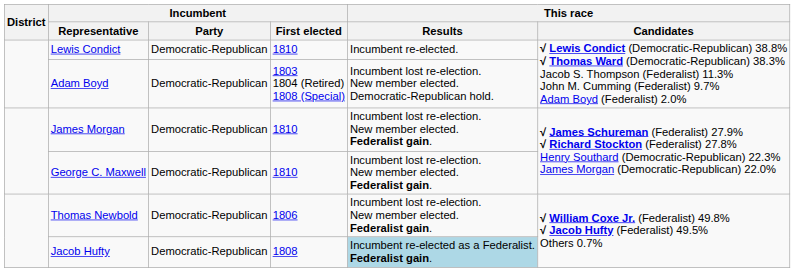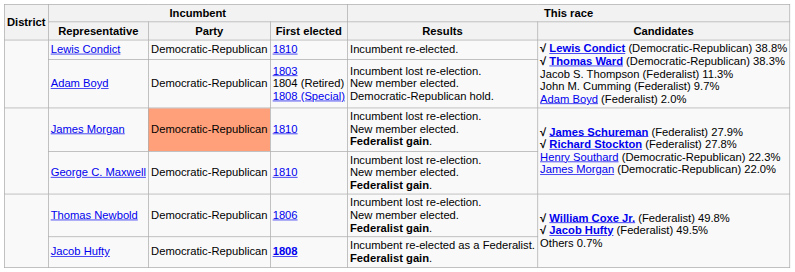 <table class=wikitable>
 <tr>
 <th rowspan=2>District</th>
 <th colspan=3>Incumbent</th>
 <th colspan=2>This race</th>
 </tr>
 <tr>
 <th>Representative</th>
 <th>Party</th>
 <th>First elected</th>
 <th>Results</th>
 <th>Candidates</th>
 </tr>
 <tr>
 <td rowspan=2><br></td>
 <td><a href='#'>Lewis Condict</a><br></td>
 <td>Democratic-Republican</td>
 <td><a href='#'>1810</a></td>
 <td>Incumbent re-elected.</td>
 <td rowspan=2 nowrap><strong>√ <a href='#'>Lewis Condict</a></strong> (Democratic-Republican) 38.8%<br><strong>√ <a href='#'>Thomas Ward</a></strong> (Democratic-Republican) 38.3%<br>Jacob S. Thompson (Federalist) 11.3%<br>John M. Cumming (Federalist) 9.7%<br><a href='#'>Adam Boyd</a> (Federalist) 2.0%</td>
 </tr>
 <tr>
 <td><a href='#'>Adam Boyd</a><br></td>
 <td>Democratic-Republican</td>
 <td><a href='#'>1803</a><br>1804 (Retired)<br><a href='#'>1808 (Special)</a></td>
 <td>Incumbent lost re-election.<br>New member elected.<br>Democratic-Republican hold.</td>
 </tr>
 <tr>
 <td rowspan=2><br></td>
 <td><a href='#'>James Morgan</a><br></td>
-<td>Democratic-Republican</td>
+<td style="background: lightsalmon;">Democratic-Republican</td>
 <td><a href='#'>1810</a></td>
 <td>Incumbent lost re-election.<br>New member elected.<br><strong>Federalist gain</strong>.</td>
 <td rowspan=2 nowrap><strong>√ <a href='#'>James Schureman</a></strong> (Federalist) 27.9%<br><strong>√ <a href='#'>Richard Stockton</a></strong> (Federalist) 27.8%<br><a href='#'>Henry Southard</a> (Democratic-Republican) 22.3%<br><a href='#'>James Morgan</a> (Democratic-Republican) 22.0%</td>
 </tr>
 <tr>
 <td><a href='#'>George C. Maxwell</a><br></td>
 <td>Democratic-Republican</td>
 <td><a href='#'>1810</a></td>
 <td>Incumbent lost re-election.<br>New member elected.<br><strong>Federalist gain</strong>.</td>
 </tr>
 <tr>
 <td rowspan=2><br></td>
 <td><a href='#'>Thomas Newbold</a><br></td>
 <td>Democratic-Republican</td>
 <td><a href='#'>1806</a></td>
 <td>Incumbent lost re-election.<br>New member elected.<br><strong>Federalist gain</strong>.</td>
 <td rowspan=2 nowrap><strong>√ <a href='#'>William Coxe Jr.</a></strong> (Federalist) 49.8%<br><strong>√ <a href='#'>Jacob Hufty</a></strong> (Federalist) 49.5%<br>Others 0.7%</td>
 </tr>
 <tr>
 <td><a href='#'>Jacob Hufty</a><br></td>
 <td>Democratic-Republican</td>
-<td><a href='#'>1808</a></td>
-<td style="background: lightblue;">Incumbent re-elected as a Federalist.<br><strong>Federalist gain</strong>.</td>
+<td><strong><a href='#'>1808</a></strong></td>
+<td>Incumbent re-elected as a Federalist.<br><strong>Federalist gain</strong>.</td>
 </tr>
 </table>
